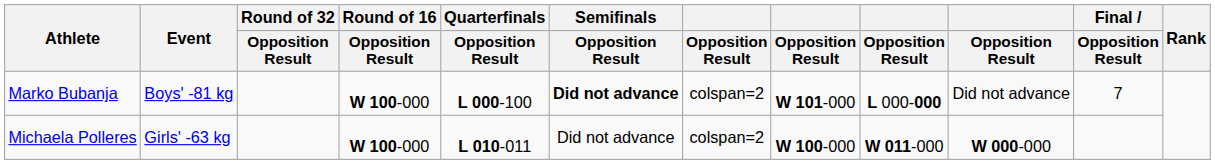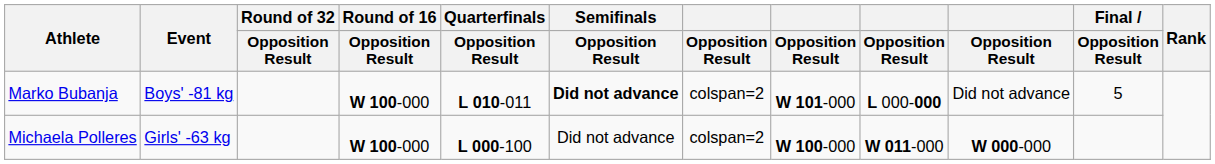 <table class="wikitable" style="font-size:90%">
 <tr>
 <th rowspan="2">Athlete</th>
 <th rowspan="2">Event</th>
 <th>Round of 32</th>
 <th>Round of 16</th>
 <th>Quarterfinals</th>
 <th>Semifinals</th>
 <th></th>
 <th></th>
 <th></th>
 <th></th>
 <th>Final / </th>
 <th rowspan=2>Rank</th>
 </tr>
 <tr style="font-size:95%">
 <th>Opposition<br>Result</th>
 <th>Opposition<br>Result</th>
 <th>Opposition<br>Result</th>
 <th>Opposition<br>Result</th>
 <th>Opposition<br>Result</th>
 <th>Opposition<br>Result</th>
 <th>Opposition<br>Result</th>
 <th>Opposition<br>Result</th>
 <th>Opposition<br>Result</th>
 </tr>
 <tr align=center>
 <td align=left><a href='#'>Marko Bubanja</a></td>
 <td align=left><a href='#'>Boys' -81 kg</a></td>
 <td></td>
 <td><br><strong>W</strong> <strong>100</strong>-000</td>
-<td><br><strong>L</strong> <strong>000</strong>-100</td>
+<td><br><strong>L</strong> <strong>010</strong>-011</td>
 <td><strong>Did not advance</strong></td>
 <td>colspan=2 </td>
 <td><br><strong>W</strong> <strong>101</strong>-000</td>
 <td><br><strong>L</strong> 000-<strong>000</strong></td>
 <td>Did not advance</td>
-<td>7</td>
+<td>5</td>
 </tr>
 <tr align=center>
 <td align=left><a href='#'>Michaela Polleres</a></td>
 <td align=left><a href='#'>Girls' -63 kg</a></td>
 <td></td>
 <td><br><strong>W</strong> <strong>100</strong>-000</td>
-<td><br><strong>L</strong> <strong>010</strong>-011</td>
+<td><br><strong>L</strong> <strong>000</strong>-100</td>
 <td>Did not advance</td>
 <td>colspan=2 </td>
 <td><br><strong>W</strong> <strong>100</strong>-000</td>
 <td><br><strong>W</strong> <strong>011</strong>-000</td>
 <td><br><strong>W</strong> <strong>000</strong>-000</td>
 <td></td>
 </tr>
 </table>
